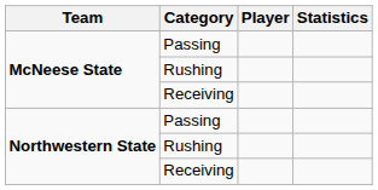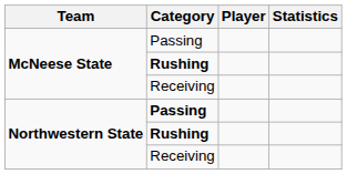 <table class="wikitable" style="float: left;">
 <tr>
 <th>Team</th>
 <th>Category</th>
 <th>Player</th>
 <th>Statistics</th>
 </tr>
 <tr>
 <td rowspan=3><strong>McNeese State</strong></td>
 <td>Passing</td>
 <td> </td>
 <td> </td>
 </tr>
 <tr>
-<td>Rushing</td>
+<td><strong>Rushing</strong></td>
 <td> </td>
 <td> </td>
 </tr>
 <tr>
 <td>Receiving</td>
 <td> </td>
 <td> </td>
 </tr>
 <tr>
 <td rowspan=3><strong>Northwestern State</strong></td>
-<td>Passing</td>
+<td><strong>Passing</strong></td>
 <td> </td>
 <td> </td>
 </tr>
 <tr>
-<td>Rushing</td>
+<td><strong>Rushing</strong></td>
 <td> </td>
 <td> </td>
 </tr>
 <tr>
 <td>Receiving</td>
 <td> </td>
 <td> </td>
 </tr>
 </table>
